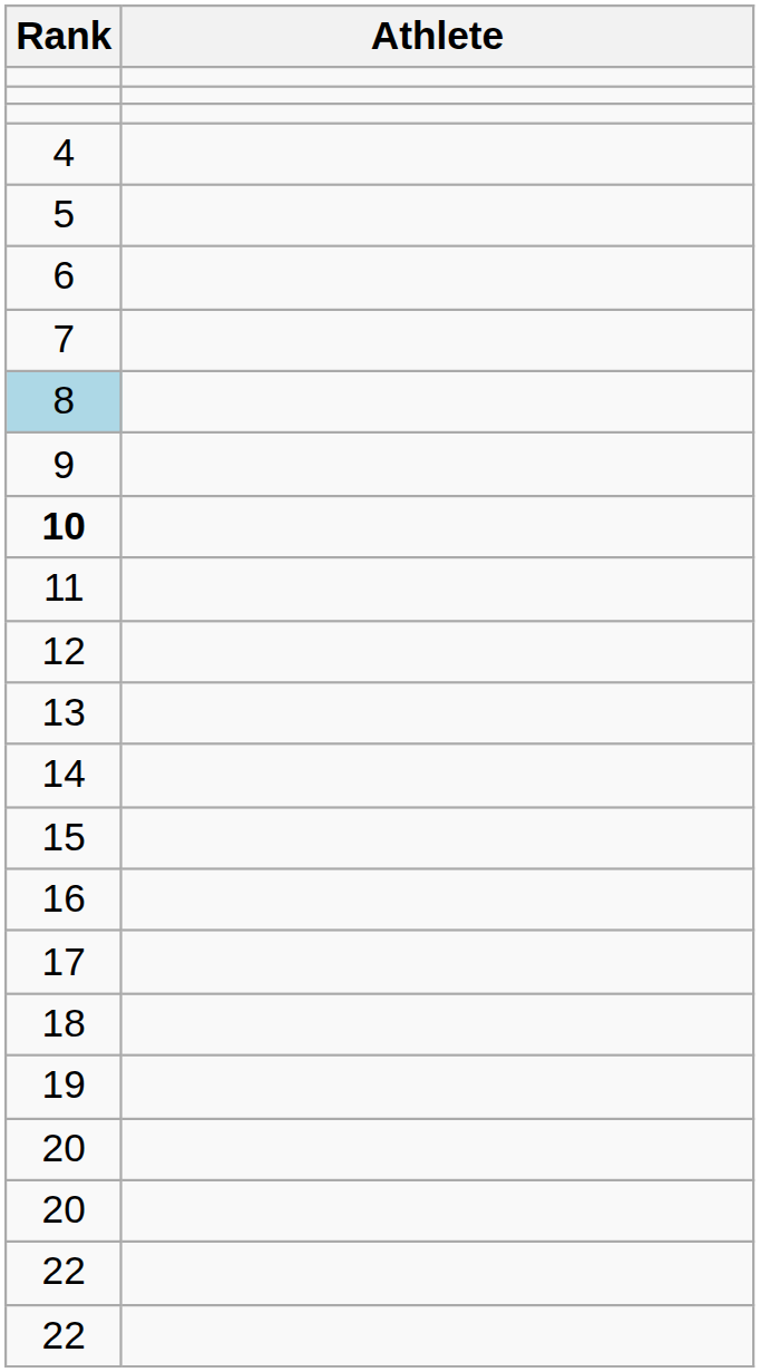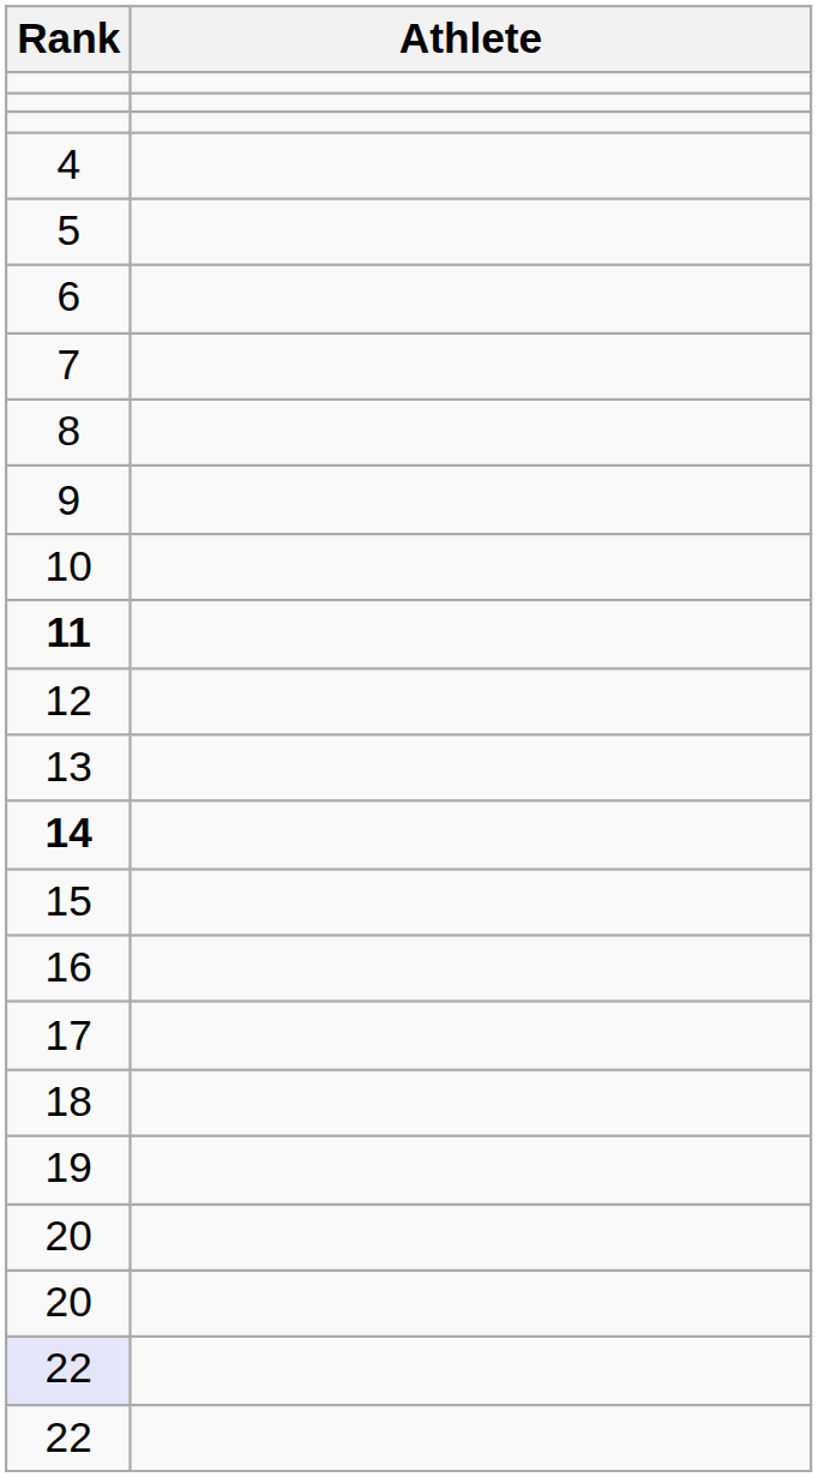 <table class="wikitable" style="text-align: center;">
 <tr>
 <th width=40>Rank</th>
 <th width=250>Athlete</th>
 </tr>
 <tr>
 <td></td>
 <td align="left"></td>
 </tr>
 <tr>
 <td></td>
 <td align="left"></td>
 </tr>
 <tr>
 <td></td>
 <td align="left"></td>
 </tr>
 <tr>
 <td>4</td>
 <td align="left"></td>
 </tr>
 <tr>
 <td>5</td>
 <td align="left"></td>
 </tr>
 <tr>
 <td>6</td>
 <td align="left"></td>
 </tr>
 <tr>
 <td>7</td>
 <td align="left"></td>
 </tr>
 <tr>
-<td style="background: lightblue;">8</td>
+<td>8</td>
 <td align="left"></td>
 </tr>
 <tr>
 <td>9</td>
 <td align="left"></td>
 </tr>
 <tr>
-<td><strong>10</strong></td>
+<td>10</td>
 <td align="left"></td>
 </tr>
 <tr>
-<td>11</td>
+<td><strong>11</strong></td>
 <td align="left"></td>
 </tr>
 <tr>
 <td>12</td>
 <td align="left"></td>
 </tr>
 <tr>
 <td>13</td>
 <td align="left"></td>
 </tr>
 <tr>
-<td>14</td>
+<td><strong>14</strong></td>
 <td align="left"></td>
 </tr>
 <tr>
 <td>15</td>
 <td align="left"></td>
 </tr>
 <tr>
 <td>16</td>
 <td align="left"></td>
 </tr>
 <tr>
 <td>17</td>
 <td align="left"></td>
 </tr>
 <tr>
 <td>18</td>
 <td align="left"></td>
 </tr>
 <tr>
 <td>19</td>
 <td align="left"></td>
 </tr>
 <tr>
 <td>20</td>
 <td align="left"></td>
 </tr>
 <tr>
 <td>20</td>
 <td align="left"></td>
 </tr>
 <tr>
-<td>22</td>
+<td style="background: lavender;">22</td>
 <td align="left"></td>
 </tr>
 <tr>
 <td>22</td>
 <td align="left"></td>
 </tr>
 </table>
